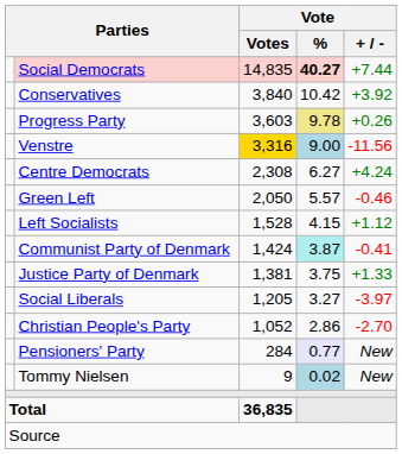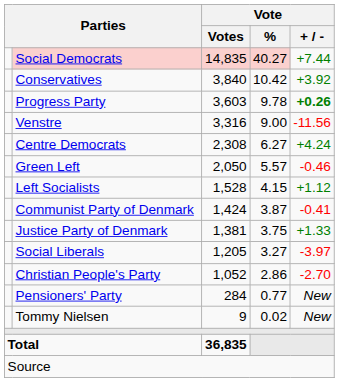 <table class="wikitable" style="text-align:right;">
 <tr>
 <th style="text-align:centre;" rowspan="2" colspan="2" width="225">Parties</th>
 <th colspan="3">Vote</th>
 </tr>
 <tr>
 <th width="15">Votes</th>
 <th width="15">%</th>
 <th width="15">+ / -</th>
 </tr>
 <tr>
 <td width="2" style="color:inherit;background:"></td>
 <td bgcolor=#fbd0ce  align="left"><a href='#'>Social Democrats</a></td>
 <td bgcolor=#fbd0ce>14,835</td>
-<td bgcolor=#fbd0ce><strong>40.27</strong></td>
+<td bgcolor=#fbd0ce>40.27</td>
 <td style=color:green;>+7.44</td>
 </tr>
 <tr>
 <td width="2" style="color:inherit;background:"></td>
 <td align="left"><a href='#'>Conservatives</a></td>
 <td>3,840</td>
 <td>10.42</td>
 <td style=color:green;>+3.92</td>
 </tr>
 <tr>
 <td width="2" style="color:inherit;background:"></td>
 <td align="left"><a href='#'>Progress Party</a></td>
 <td>3,603</td>
-<td style="background: khaki;">9.78</td>
-<td style=color:green;>+0.26</td>
+<td>9.78</td>
+<td style=color:green;><strong>+0.26</strong></td>
 </tr>
 <tr>
 <td width="2" style="color:inherit;background:"></td>
 <td align="left"><a href='#'>Venstre</a></td>
-<td style="background: gold;">3,316</td>
-<td style="background: lightblue;">9.00</td>
+<td>3,316</td>
+<td>9.00</td>
 <td style=color:red;>-11.56</td>
 </tr>
 <tr>
 <td width="2" style="color:inherit;background:"></td>
 <td align="left"><a href='#'>Centre Democrats</a></td>
 <td>2,308</td>
 <td>6.27</td>
 <td style=color:green;>+4.24</td>
 </tr>
 <tr>
 <td width="2" style="color:inherit;background:"></td>
 <td align="left"><a href='#'>Green Left</a></td>
 <td>2,050</td>
 <td>5.57</td>
 <td style=color:red;>-0.46</td>
 </tr>
 <tr>
 <td width="2" style="color:inherit;background:"></td>
 <td align="left"><a href='#'>Left Socialists</a></td>
 <td>1,528</td>
 <td>4.15</td>
 <td style=color:green;>+1.12</td>
 </tr>
 <tr>
 <td width="2" style="color:inherit;background:"></td>
 <td align="left"><a href='#'>Communist Party of Denmark</a></td>
 <td>1,424</td>
-<td style="background: paleturquoise;">3.87</td>
+<td>3.87</td>
 <td style=color:red;>-0.41</td>
 </tr>
 <tr>
 <td width="2" style="color:inherit;background:"></td>
 <td align="left"><a href='#'>Justice Party of Denmark</a></td>
 <td>1,381</td>
 <td>3.75</td>
 <td style=color:green;>+1.33</td>
 </tr>
 <tr>
 <td width="2" style="color:inherit;background:"></td>
 <td align="left"><a href='#'>Social Liberals</a></td>
 <td>1,205</td>
 <td>3.27</td>
 <td style=color:red;>-3.97</td>
 </tr>
 <tr>
 <td width="2" style="color:inherit;background:"></td>
 <td align="left"><a href='#'>Christian People's Party</a></td>
 <td>1,052</td>
 <td>2.86</td>
 <td style=color:red;>-2.70</td>
 </tr>
 <tr>
 <td width="2" style="color:inherit;background:"></td>
 <td align="left"><a href='#'>Pensioners' Party</a></td>
 <td>284</td>
-<td style="background: lavender;">0.77</td>
+<td>0.77</td>
 <td><em>New</em></td>
 </tr>
 <tr>
 <td width="2" style="color:inherit;background:"></td>
 <td align="left">Tommy Nielsen</td>
 <td>9</td>
-<td style="background: lightblue;">0.02</td>
+<td>0.02</td>
 <td><em>New</em></td>
 </tr>
 <tr>
 <td colspan="7" bgcolor="#E9E9E9"></td>
 </tr>
 <tr>
 <td align="left" colspan="2"><strong>Total</strong></td>
 <td><strong>36,835</strong></td>
 <td bgcolor="#E9E9E9" colspan="2"></td>
 </tr>
 <tr>
 <td align="left" colspan="6">Source</td>
 </tr>
 </table>
